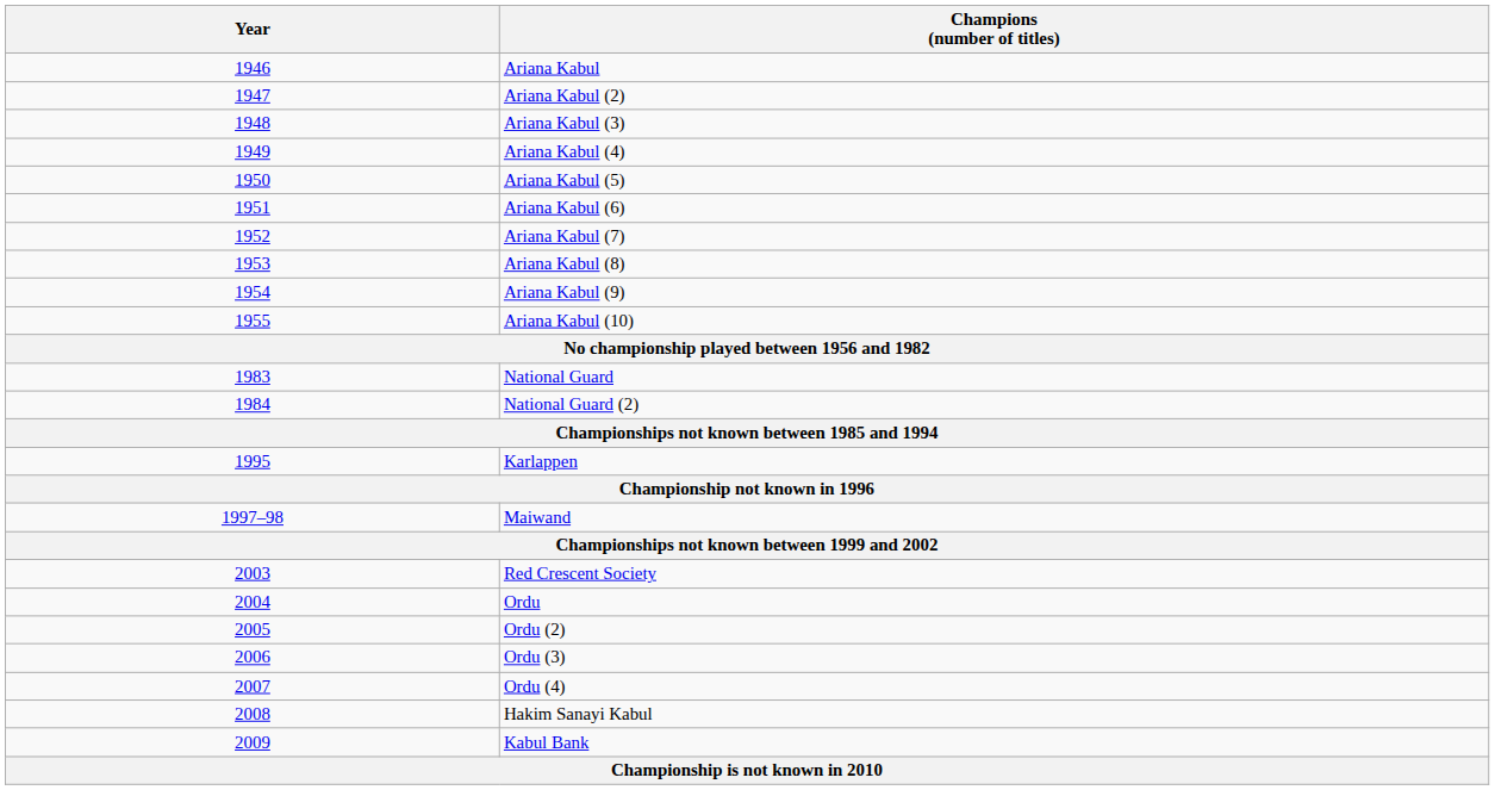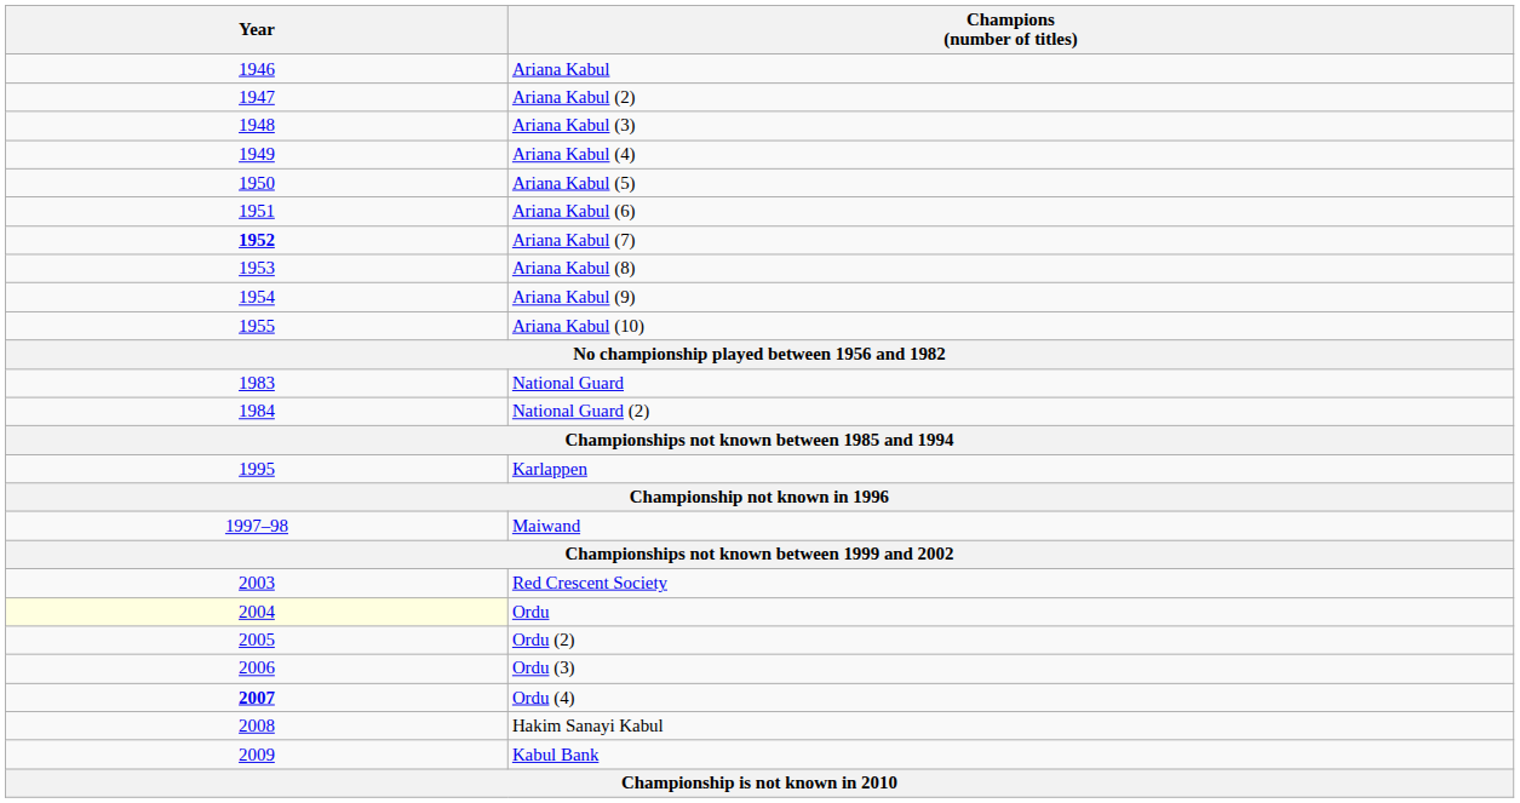 <table class="wikitable sortable">
 <tr>
 <th style="width:9%">Year</th>
 <th style="width:18%">Champions<br>(number of titles)</th>
 </tr>
 <tr>
 <td align=center><a href='#'>1946</a></td>
 <td><a href='#'>Ariana Kabul</a></td>
 </tr>
 <tr>
 <td align=center><a href='#'>1947</a></td>
 <td><a href='#'>Ariana Kabul</a> (2)</td>
 </tr>
 <tr>
 <td align=center><a href='#'>1948</a></td>
 <td><a href='#'>Ariana Kabul</a> (3)</td>
 </tr>
 <tr>
 <td align=center><a href='#'>1949</a></td>
 <td><a href='#'>Ariana Kabul</a> (4)</td>
 </tr>
 <tr>
 <td align=center><a href='#'>1950</a></td>
 <td><a href='#'>Ariana Kabul</a> (5)</td>
 </tr>
 <tr>
 <td align=center><a href='#'>1951</a></td>
 <td><a href='#'>Ariana Kabul</a> (6)</td>
 </tr>
 <tr>
-<td align=center><a href='#'>1952</a></td>
+<td align=center><strong><a href='#'>1952</a></strong></td>
 <td><a href='#'>Ariana Kabul</a> (7)</td>
 </tr>
 <tr>
 <td align=center><a href='#'>1953</a></td>
 <td><a href='#'>Ariana Kabul</a> (8)</td>
 </tr>
 <tr>
 <td align=center><a href='#'>1954</a></td>
 <td><a href='#'>Ariana Kabul</a> (9)</td>
 </tr>
 <tr>
 <td align=center><a href='#'>1955</a></td>
 <td><a href='#'>Ariana Kabul</a> (10)</td>
 </tr>
 <tr>
 <th colspan="2">No championship played between 1956 and 1982</th>
 </tr>
 <tr>
 <td align=center><a href='#'>1983</a></td>
 <td><a href='#'>National Guard</a></td>
 </tr>
 <tr>
 <td align=center><a href='#'>1984</a></td>
 <td><a href='#'>National Guard</a> (2)</td>
 </tr>
 <tr>
 <th colspan="2">Championships not known between 1985 and 1994</th>
 </tr>
 <tr>
 <td align=center><a href='#'>1995</a></td>
 <td><a href='#'>Karlappen</a></td>
 </tr>
 <tr>
 <th colspan="2">Championship not known in 1996</th>
 </tr>
 <tr>
 <td align=center><a href='#'>1997–98</a></td>
 <td><a href='#'>Maiwand</a></td>
 </tr>
 <tr>
 <th colspan="2">Championships not known between 1999 and 2002</th>
 </tr>
 <tr>
 <td align=center><a href='#'>2003</a></td>
 <td><a href='#'>Red Crescent Society</a></td>
 </tr>
 <tr>
-<td align=center><a href='#'>2004</a></td>
+<td align=center style="background: lightyellow;"><a href='#'>2004</a></td>
 <td><a href='#'>Ordu</a></td>
 </tr>
 <tr>
 <td align=center><a href='#'>2005</a></td>
 <td><a href='#'>Ordu</a> (2)</td>
 </tr>
 <tr>
 <td align=center><a href='#'>2006</a></td>
 <td><a href='#'>Ordu</a> (3)</td>
 </tr>
 <tr>
-<td align=center><a href='#'>2007</a></td>
+<td align=center><strong><a href='#'>2007</a></strong></td>
 <td><a href='#'>Ordu</a> (4)</td>
 </tr>
 <tr>
 <td align=center><a href='#'>2008</a></td>
 <td>Hakim Sanayi Kabul</td>
 </tr>
 <tr>
 <td align=center><a href='#'>2009</a></td>
 <td><a href='#'>Kabul Bank</a></td>
 </tr>
 <tr>
 <th colspan="2">Championship is not known in 2010</th>
 </tr>
 </table>
